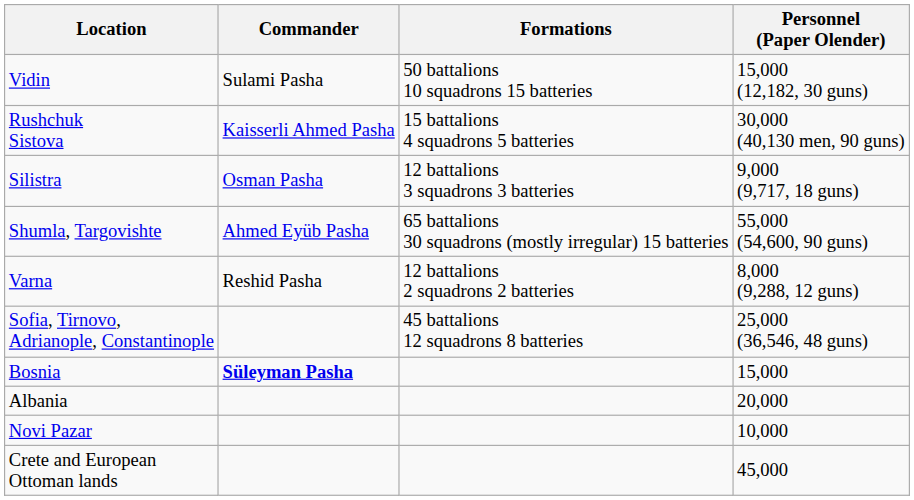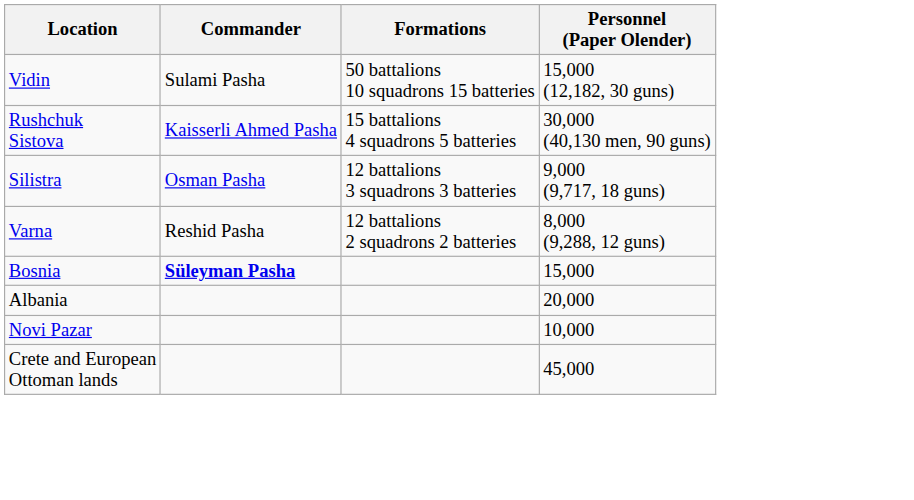 <table class="wikitable">
 <tr>
 <th>Location</th>
 <th>Commander</th>
 <th>Formations</th>
 <th>Personnel<br>(Paper Olender)</th>
 </tr>
 <tr>
 <td><a href='#'>Vidin</a></td>
 <td>Sulami Pasha</td>
 <td>50 battalions<br>10 squadrons 15 batteries</td>
 <td>15,000<br>(12,182, 30 guns)</td>
 </tr>
 <tr>
 <td><a href='#'>Rushchuk</a><br><a href='#'>Sistova</a></td>
 <td><a href='#'>Kaisserli Ahmed Pasha</a></td>
 <td>15 battalions<br>4 squadrons  5 batteries</td>
 <td>30,000<br>(40,130 men, 90 guns)</td>
 </tr>
 <tr>
 <td><a href='#'>Silistra</a></td>
 <td><a href='#'>Osman Pasha</a></td>
 <td>12 battalions<br>3 squadrons 3 batteries</td>
 <td>9,000<br>(9,717, 18 guns)</td>
 </tr>
 <tr>
-<td><a href='#'>Shumla</a>, <a href='#'>Targovishte</a></td>
-<td><a href='#'>Ahmed Eyüb Pasha</a></td>
-<td>65 battalions<br>30 squadrons (mostly irregular) 15 batteries</td>
-<td>55,000<br>(54,600, 90 guns)</td>
-</tr>
-<tr>
 <td><a href='#'>Varna</a></td>
 <td>Reshid Pasha</td>
 <td>12 battalions<br>2 squadrons 2 batteries</td>
 <td>8,000<br>(9,288, 12 guns)</td>
-</tr>
-<tr>
-<td><a href='#'>Sofia</a>, <a href='#'>Tirnovo</a>,<br><a href='#'>Adrianople</a>, <a href='#'>Constantinople</a></td>
-<td></td>
-<td>45 battalions<br>12 squadrons 8 batteries</td>
-<td>25,000<br>(36,546, 48 guns)</td>
 </tr>
 <tr>
 <td><a href='#'>Bosnia</a></td>
 <td><strong><a href='#'>Süleyman Pasha</a></strong></td>
 <td></td>
 <td>15,000</td>
 </tr>
 <tr>
 <td>Albania</td>
 <td></td>
 <td></td>
 <td>20,000</td>
 </tr>
 <tr>
 <td><a href='#'>Novi Pazar</a></td>
 <td></td>
 <td></td>
 <td>10,000</td>
 </tr>
 <tr>
 <td>Crete and European<br>Ottoman lands</td>
 <td></td>
 <td></td>
 <td>45,000</td>
 </tr>
 </table>
